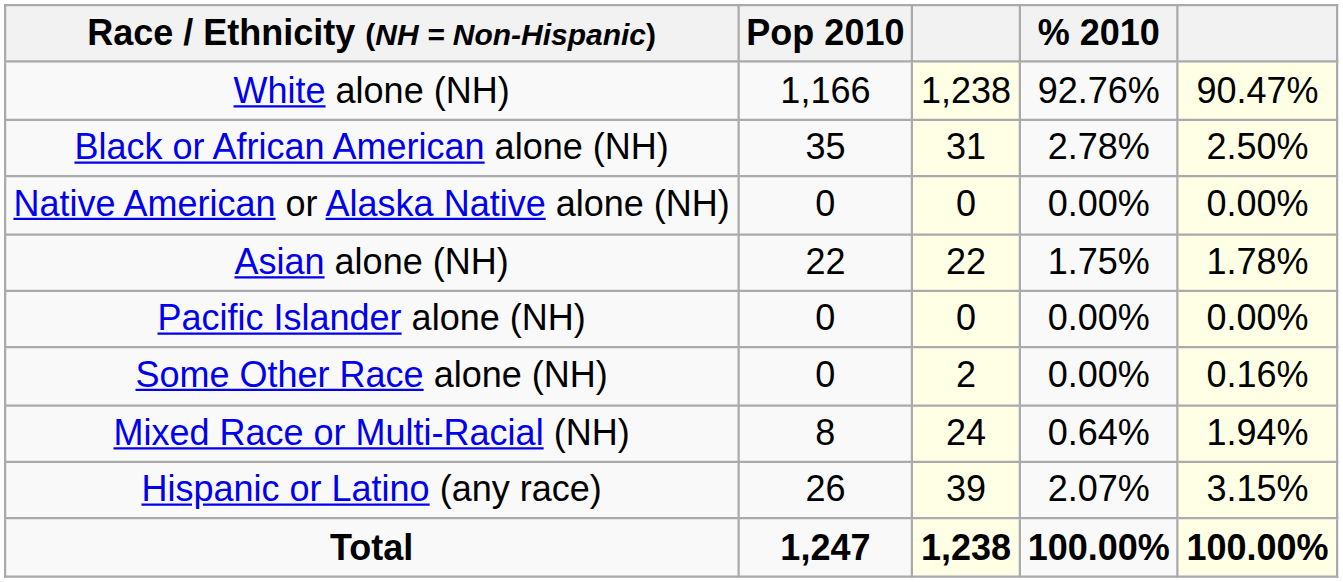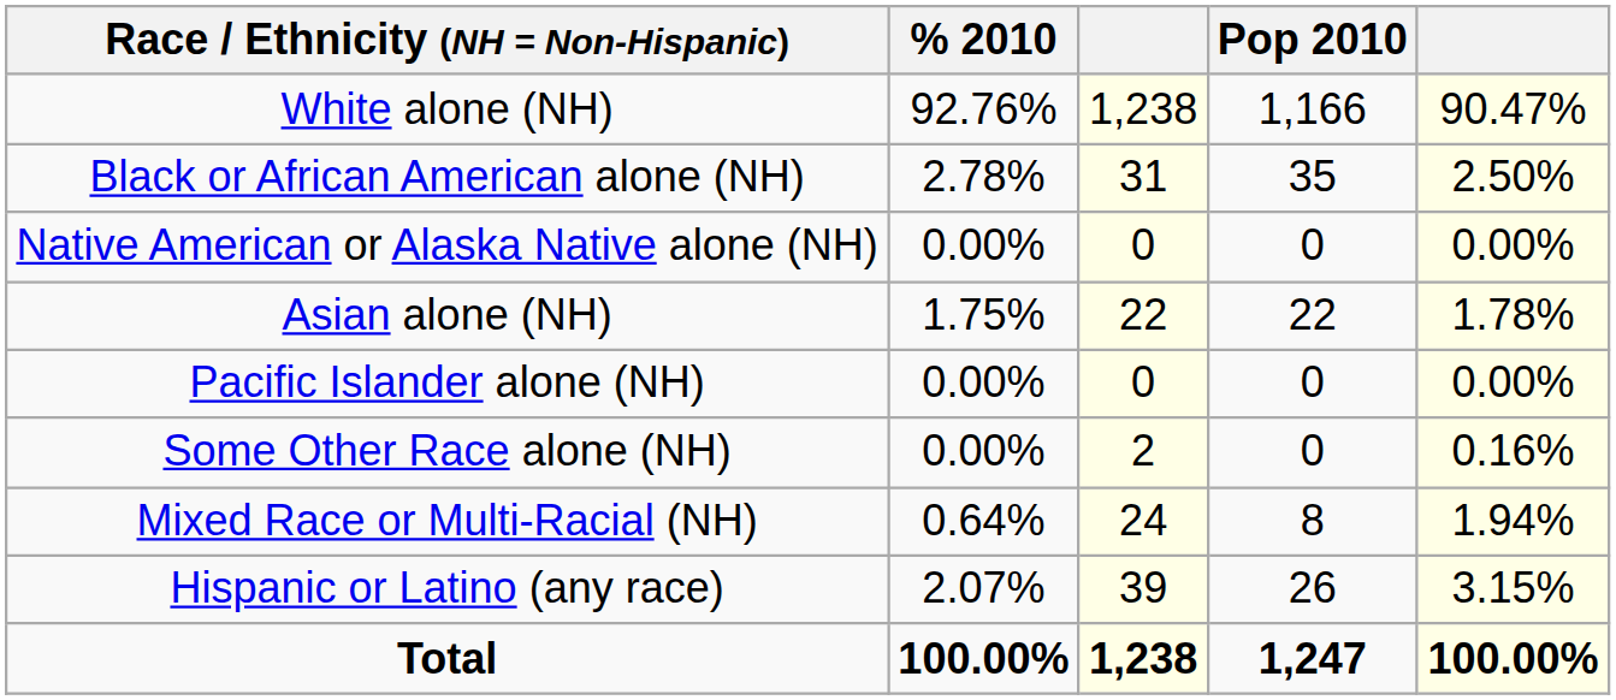 <table class="wikitable" style="text-align:center;">
 <tr>
 <th>Race / Ethnicity <small>(<em>NH = Non-Hispanic</em>)</small></th>
+<th>% 2010</th>
+<th></th>
 <th>Pop 2010</th>
-<th></th>
-<th>% 2010</th>
 <th></th>
 </tr>
 <tr>
 <td><a href='#'>White</a> alone (NH)</td>
+<td>92.76%</td>
+<td style='background: #ffffe6;'>1,238</td>
 <td>1,166</td>
-<td style='background: #ffffe6;'>1,238</td>
-<td>92.76%</td>
 <td style='background: #ffffe6;'>90.47%</td>
 </tr>
 <tr>
 <td><a href='#'>Black or African American</a> alone (NH)</td>
+<td>2.78%</td>
+<td style='background: #ffffe6;'>31</td>
 <td>35</td>
-<td style='background: #ffffe6;'>31</td>
-<td>2.78%</td>
 <td style='background: #ffffe6;'>2.50%</td>
 </tr>
 <tr>
 <td><a href='#'>Native American</a> or <a href='#'>Alaska Native</a> alone (NH)</td>
+<td>0.00%</td>
+<td style='background: #ffffe6;'>0</td>
 <td>0</td>
-<td style='background: #ffffe6;'>0</td>
-<td>0.00%</td>
 <td style='background: #ffffe6;'>0.00%</td>
 </tr>
 <tr>
 <td><a href='#'>Asian</a> alone (NH)</td>
+<td>1.75%</td>
+<td style='background: #ffffe6;'>22</td>
 <td>22</td>
-<td style='background: #ffffe6;'>22</td>
-<td>1.75%</td>
 <td style='background: #ffffe6;'>1.78%</td>
 </tr>
 <tr>
 <td><a href='#'>Pacific Islander</a> alone (NH)</td>
+<td>0.00%</td>
+<td style='background: #ffffe6;'>0</td>
 <td>0</td>
-<td style='background: #ffffe6;'>0</td>
-<td>0.00%</td>
 <td style='background: #ffffe6;'>0.00%</td>
 </tr>
 <tr>
 <td><a href='#'>Some Other Race</a> alone (NH)</td>
+<td>0.00%</td>
+<td style='background: #ffffe6;'>2</td>
 <td>0</td>
-<td style='background: #ffffe6;'>2</td>
-<td>0.00%</td>
 <td style='background: #ffffe6;'>0.16%</td>
 </tr>
 <tr>
 <td><a href='#'>Mixed Race or Multi-Racial</a> (NH)</td>
+<td>0.64%</td>
+<td style='background: #ffffe6;'>24</td>
 <td>8</td>
-<td style='background: #ffffe6;'>24</td>
-<td>0.64%</td>
 <td style='background: #ffffe6;'>1.94%</td>
 </tr>
 <tr>
 <td><a href='#'>Hispanic or Latino</a> (any race)</td>
+<td>2.07%</td>
+<td style='background: #ffffe6;'>39</td>
 <td>26</td>
-<td style='background: #ffffe6;'>39</td>
-<td>2.07%</td>
 <td style='background: #ffffe6;'>3.15%</td>
 </tr>
 <tr>
 <td><strong>Total</strong></td>
+<td><strong>100.00%</strong></td>
+<td style='background: #ffffe6;'><strong>1,238</strong></td>
 <td><strong>1,247</strong></td>
-<td style='background: #ffffe6;'><strong>1,238</strong></td>
-<td><strong>100.00%</strong></td>
 <td style='background: #ffffe6;'><strong>100.00%</strong></td>
 </tr>
 </table>
